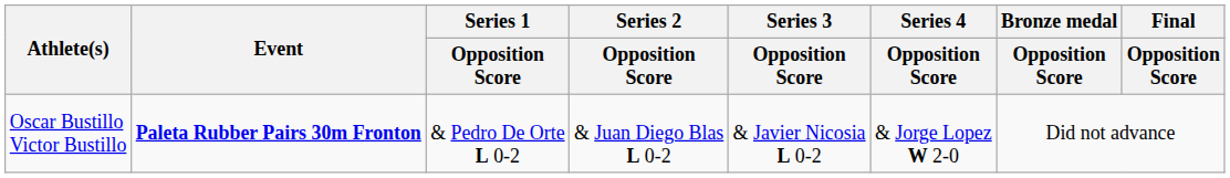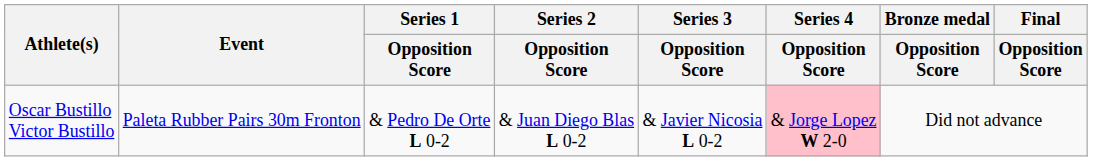 <table class="wikitable" style="font-size:90%">
 <tr>
 <th rowspan="2">Athlete(s)</th>
 <th rowspan="2">Event</th>
 <th>Series 1</th>
 <th>Series 2</th>
 <th>Series 3</th>
 <th>Series 4</th>
 <th>Bronze medal</th>
 <th>Final</th>
 </tr>
 <tr>
 <th>Opposition <br> Score</th>
 <th>Opposition <br> Score</th>
 <th>Opposition <br> Score</th>
 <th>Opposition <br> Score</th>
 <th>Opposition <br> Score</th>
 <th>Opposition <br> Score</th>
 </tr>
 <tr>
 <td><a href='#'>Oscar Bustillo</a><br><a href='#'>Victor Bustillo</a></td>
-<td><strong><a href='#'>Paleta Rubber Pairs 30m Fronton</a></strong></td>
+<td><a href='#'>Paleta Rubber Pairs 30m Fronton</a></td>
 <td align=center><br>& <a href='#'>Pedro De Orte</a><br><strong>L</strong> 0-2</td>
 <td align=center><br>& <a href='#'>Juan Diego Blas</a><br><strong>L</strong> 0-2</td>
 <td align=center><br>& <a href='#'>Javier Nicosia</a><br><strong>L</strong> 0-2</td>
-<td align=center><br>& <a href='#'>Jorge Lopez</a><br><strong>W</strong> 2-0</td>
+<td align=center style="background: pink;"><br>& <a href='#'>Jorge Lopez</a><br><strong>W</strong> 2-0</td>
 <td align=center colspan=2>Did not advance</td>
 </tr>
 </table>
